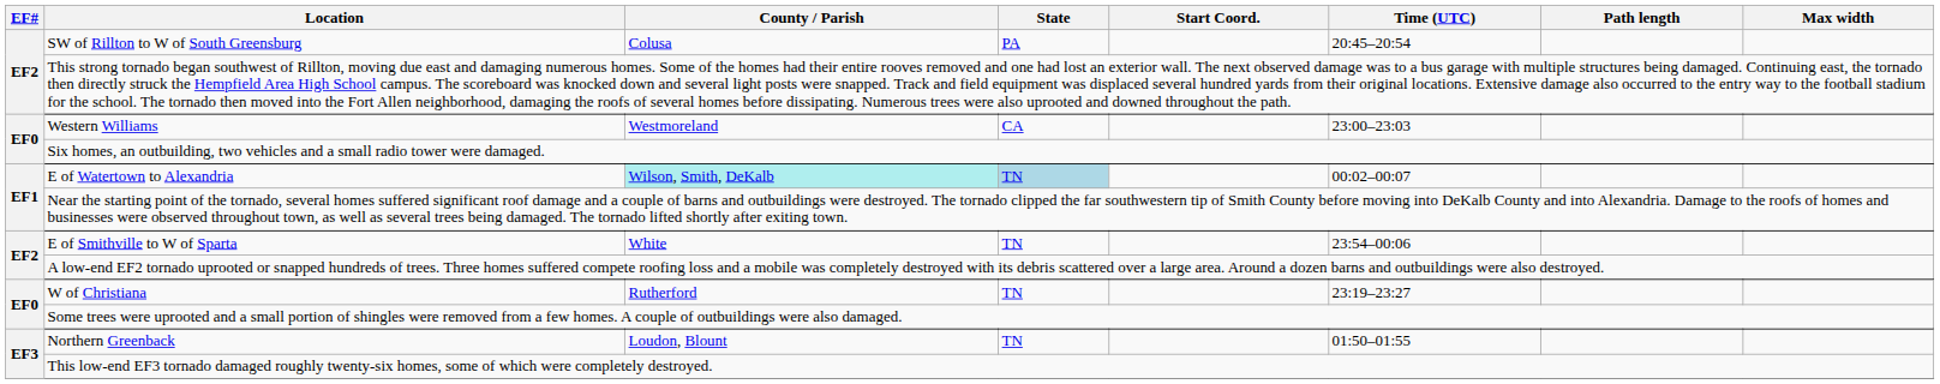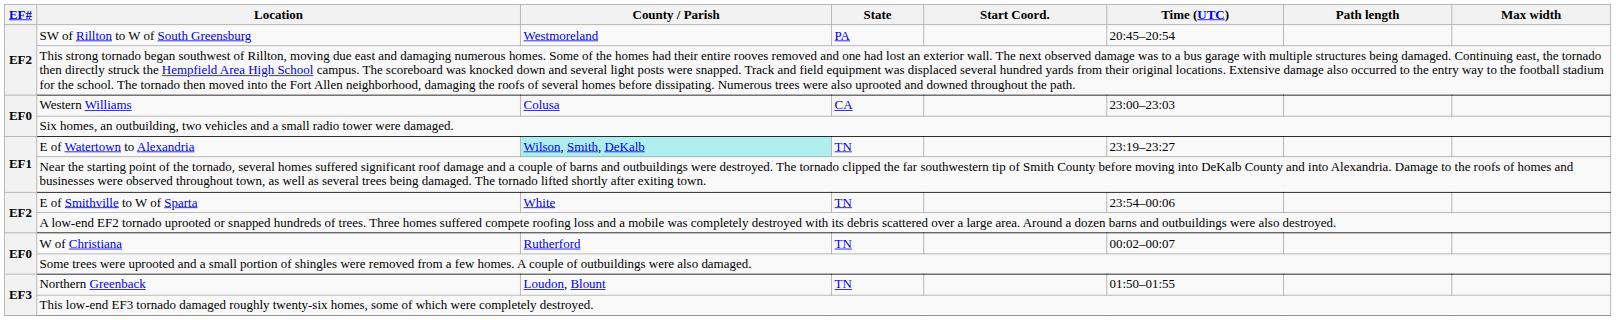 <table class="wikitable sortable" style="width:100%;">
 <tr>
 <th scope="col" width="2%" align="center"><a href='#'>EF#</a></th>
 <th scope="col" align="center" class="unsortable">Location</th>
 <th scope="col" align="center" class="unsortable">County / Parish</th>
 <th scope="col" align="center">State</th>
 <th scope="col" align="center">Start Coord.</th>
 <th scope="col" align="center">Time (<a href='#'>UTC</a>)</th>
 <th scope="col" align="center">Path length</th>
 <th scope="col" align="center">Max width</th>
 </tr>
 <tr>
 <th scope="row" rowspan="2" style="background-color:#">EF2</th>
 <td>SW of <a href='#'>Rillton</a> to W of <a href='#'>South Greensburg</a></td>
-<td><a href='#'>Colusa</a></td>
+<td><a href='#'>Westmoreland</a></td>
 <td><a href='#'>PA</a></td>
 <td></td>
 <td>20:45–20:54</td>
 <td></td>
 <td></td>
 </tr>
 <tr class="expand-child">
 <td colspan="8" style=" border-bottom: 1px solid black;">This strong tornado began southwest of Rillton, moving due east and damaging numerous homes. Some of the homes had their entire rooves removed and one had lost an exterior wall. The next observed damage was to a bus garage with multiple structures being damaged. Continuing east, the tornado then directly struck the <a href='#'>Hempfield Area High School</a> campus. The scoreboard was knocked down and several light posts were snapped. Track and field equipment was displaced several hundred yards from their original locations. Extensive damage also occurred to the entry way to the football stadium for the school. The tornado then moved into the Fort Allen neighborhood, damaging the roofs of several homes before dissipating. Numerous trees were also uprooted and downed throughout the path.</td>
 </tr>
 <tr>
 <th scope="row" rowspan="2" style="background-color:#">EF0</th>
 <td>Western <a href='#'>Williams</a></td>
-<td><a href='#'>Westmoreland</a></td>
+<td><a href='#'>Colusa</a></td>
 <td><a href='#'>CA</a></td>
 <td></td>
 <td>23:00–23:03</td>
 <td></td>
 <td></td>
 </tr>
 <tr class="expand-child">
 <td colspan="8" style=" border-bottom: 1px solid black;">Six homes, an outbuilding, two vehicles and a small radio tower were damaged.</td>
 </tr>
 <tr>
 <th scope="row" rowspan="2" style="background-color:#">EF1</th>
 <td>E of <a href='#'>Watertown</a> to <a href='#'>Alexandria</a></td>
 <td style="background: paleturquoise;"><a href='#'>Wilson</a>, <a href='#'>Smith</a>, <a href='#'>DeKalb</a></td>
-<td style="background: lightblue;"><a href='#'>TN</a></td>
+<td><a href='#'>TN</a></td>
 <td></td>
-<td>00:02–00:07</td>
+<td>23:19–23:27</td>
 <td></td>
 <td></td>
 </tr>
 <tr class="expand-child">
 <td colspan="8" style=" border-bottom: 1px solid black;">Near the starting point of the tornado, several homes suffered significant roof damage and a couple of barns and outbuildings were destroyed. The tornado clipped the far southwestern tip of Smith County before moving into DeKalb County and into Alexandria. Damage to the roofs of homes and businesses were observed throughout town, as well as several trees being damaged. The tornado lifted shortly after exiting town.</td>
 </tr>
 <tr>
 <th scope="row" rowspan="2" style="background-color:#">EF2</th>
 <td>E of <a href='#'>Smithville</a> to W of <a href='#'>Sparta</a></td>
 <td><a href='#'>White</a></td>
 <td><a href='#'>TN</a></td>
 <td></td>
 <td>23:54–00:06</td>
 <td></td>
 <td></td>
 </tr>
 <tr class="expand-child">
 <td colspan="8" style=" border-bottom: 1px solid black;">A low-end EF2 tornado uprooted or snapped hundreds of trees. Three homes suffered compete roofing loss and a mobile was completely destroyed with its debris scattered over a large area. Around a dozen barns and outbuildings were also destroyed.</td>
 </tr>
 <tr>
 <th scope="row" rowspan="2" style="background-color:#">EF0</th>
 <td>W of <a href='#'>Christiana</a></td>
 <td><a href='#'>Rutherford</a></td>
 <td><a href='#'>TN</a></td>
 <td></td>
-<td>23:19–23:27</td>
+<td>00:02–00:07</td>
 <td></td>
 <td></td>
 </tr>
 <tr class="expand-child">
 <td colspan="8" style=" border-bottom: 1px solid black;">Some trees were uprooted and a small portion of shingles were removed from a few homes. A couple of outbuildings were also damaged.</td>
 </tr>
 <tr>
 <th scope="row" rowspan="2" style="background-color:#">EF3</th>
 <td>Northern <a href='#'>Greenback</a></td>
 <td><a href='#'>Loudon</a>, <a href='#'>Blount</a></td>
 <td><a href='#'>TN</a></td>
 <td></td>
 <td>01:50–01:55</td>
 <td></td>
 <td></td>
 </tr>
 <tr class="expand-child">
 <td colspan="8" style=" border-bottom: 1px solid black;">This low-end EF3 tornado damaged roughly twenty-six homes, some of which were completely destroyed.</td>
 </tr>
 <tr>
 </tr>
 </table>
